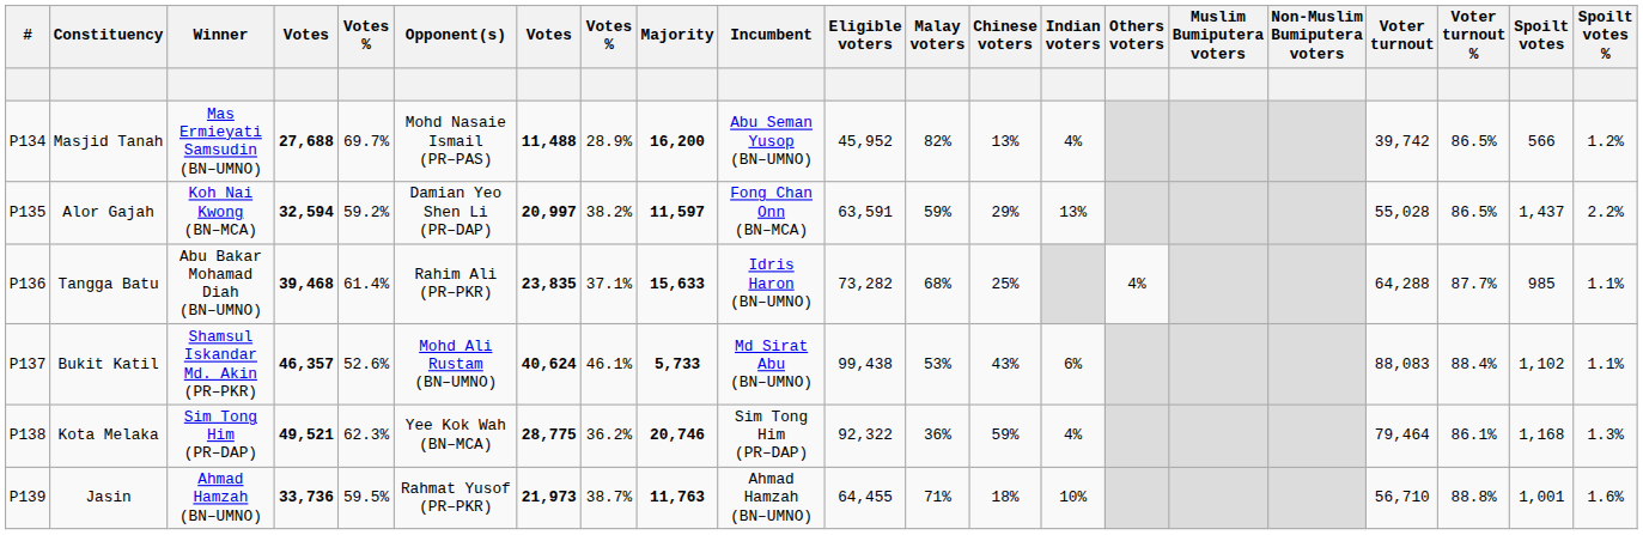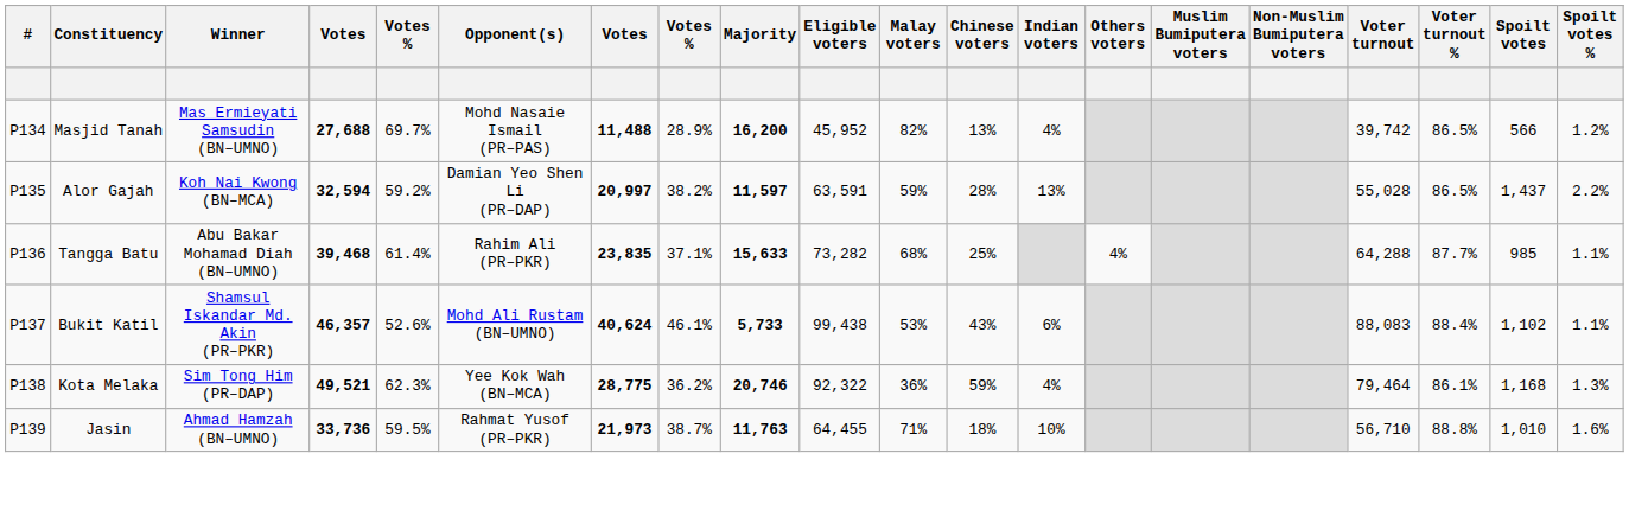 <table class="wikitable sortable" style="text-align:center; font-size:90%">
 <tr>
 <th width="30">#</th>
 <th width="60">Constituency</th>
 <th width="150">Winner</th>
 <th width="50">Votes</th>
 <th width="50">Votes %</th>
 <th width="150">Opponent(s)</th>
 <th width="50">Votes</th>
 <th width="50">Votes %</th>
 <th width="50">Majority</th>
-<th width="150">Incumbent</th>
 <th width="50">Eligible voters</th>
 <th width="50">Malay voters</th>
 <th width="50">Chinese voters</th>
 <th width="50">Indian voters</th>
 <th width="50">Others voters</th>
 <th width="50">Muslim Bumiputera voters</th>
 <th width="50">Non-Muslim Bumiputera voters</th>
 <th width="50">Voter turnout</th>
 <th width="50">Voter turnout %</th>
 <th width="50">Spoilt votes</th>
 <th width="50">Spoilt votes %</th>
 </tr>
 <tr>
 <th height="20"></th>
 <th></th>
 <th></th>
 <th></th>
 <th></th>
 <th></th>
 <th></th>
 <th></th>
 <th></th>
 <th></th>
 <th></th>
 <th></th>
 <th></th>
 <th></th>
 <th></th>
 <th></th>
 <th></th>
 <th></th>
 <th></th>
 <th></th>
-<th></th>
 </tr>
 <tr>
 <td>P134</td>
 <td>Masjid Tanah</td>
 <td><a href='#'>Mas Ermieyati Samsudin</a><br>(BN–UMNO)</td>
 <td><strong>27,688</strong></td>
 <td>69.7%</td>
 <td>Mohd Nasaie Ismail<br>(PR–PAS)</td>
 <td><strong>11,488</strong></td>
 <td>28.9%</td>
 <td><strong>16,200</strong></td>
-<td><a href='#'>Abu Seman Yusop</a><br>(BN–UMNO)</td>
 <td>45,952</td>
 <td>82%</td>
 <td>13%</td>
 <td>4%</td>
 <td bgcolor="dcdcdc"></td>
 <td bgcolor="dcdcdc"></td>
 <td bgcolor="dcdcdc"></td>
 <td>39,742</td>
 <td>86.5%</td>
 <td>566</td>
 <td>1.2%</td>
 </tr>
 <tr>
 <td>P135</td>
 <td>Alor Gajah</td>
 <td><a href='#'>Koh Nai Kwong</a><br>(BN–MCA)</td>
 <td><strong>32,594</strong></td>
 <td>59.2%</td>
 <td>Damian Yeo Shen Li<br>(PR–DAP)</td>
 <td><strong>20,997</strong></td>
 <td>38.2%</td>
 <td><strong>11,597</strong></td>
-<td><a href='#'>Fong Chan Onn</a><br>(BN–MCA)</td>
 <td>63,591</td>
 <td>59%</td>
-<td>29%</td>
+<td>28%</td>
 <td>13%</td>
 <td bgcolor="dcdcdc"></td>
 <td bgcolor="dcdcdc"></td>
 <td bgcolor="dcdcdc"></td>
 <td>55,028</td>
 <td>86.5%</td>
 <td>1,437</td>
 <td>2.2%</td>
 </tr>
 <tr>
 <td>P136</td>
 <td>Tangga Batu</td>
 <td>Abu Bakar Mohamad Diah<br>(BN–UMNO)</td>
 <td><strong>39,468</strong></td>
 <td>61.4%</td>
 <td>Rahim Ali<br>(PR–PKR)</td>
 <td><strong>23,835</strong></td>
 <td>37.1%</td>
 <td><strong>15,633</strong></td>
-<td><a href='#'>Idris Haron</a><br>(BN–UMNO)</td>
 <td>73,282</td>
 <td>68%</td>
 <td>25%</td>
 <td bgcolor="dcdcdc"></td>
 <td>4%</td>
 <td bgcolor="dcdcdc"></td>
 <td bgcolor="dcdcdc"></td>
 <td>64,288</td>
 <td>87.7%</td>
 <td>985</td>
 <td>1.1%</td>
 </tr>
 <tr>
 <td>P137</td>
 <td>Bukit Katil</td>
 <td><a href='#'>Shamsul Iskandar Md. Akin</a><br>(PR–PKR)</td>
 <td><strong>46,357</strong></td>
 <td>52.6%</td>
 <td><a href='#'>Mohd Ali Rustam</a><br>(BN–UMNO)</td>
 <td><strong>40,624</strong></td>
 <td>46.1%</td>
 <td><strong>5,733</strong></td>
-<td><a href='#'>Md Sirat Abu</a><br>(BN–UMNO)</td>
 <td>99,438</td>
 <td>53%</td>
 <td>43%</td>
 <td>6%</td>
 <td bgcolor="dcdcdc"></td>
 <td bgcolor="dcdcdc"></td>
 <td bgcolor="dcdcdc"></td>
 <td>88,083</td>
 <td>88.4%</td>
 <td>1,102</td>
 <td>1.1%</td>
 </tr>
 <tr>
 <td>P138</td>
 <td>Kota Melaka</td>
 <td><a href='#'>Sim Tong Him</a><br>(PR–DAP)</td>
 <td><strong>49,521</strong></td>
 <td>62.3%</td>
 <td>Yee Kok Wah<br>(BN–MCA)</td>
 <td><strong>28,775</strong></td>
 <td>36.2%</td>
 <td><strong>20,746</strong></td>
-<td>Sim Tong Him <br>(PR–DAP)</td>
 <td>92,322</td>
 <td>36%</td>
 <td>59%</td>
 <td>4%</td>
 <td bgcolor="dcdcdc"></td>
 <td bgcolor="dcdcdc"></td>
 <td bgcolor="dcdcdc"></td>
 <td>79,464</td>
 <td>86.1%</td>
 <td>1,168</td>
 <td>1.3%</td>
 </tr>
 <tr>
 <td>P139</td>
 <td>Jasin</td>
 <td><a href='#'>Ahmad Hamzah</a><br>(BN–UMNO)</td>
 <td><strong>33,736</strong></td>
 <td>59.5%</td>
 <td>Rahmat Yusof<br>(PR–PKR)</td>
 <td><strong>21,973</strong></td>
 <td>38.7%</td>
 <td><strong>11,763</strong></td>
-<td>Ahmad Hamzah<br>(BN–UMNO)</td>
 <td>64,455</td>
 <td>71%</td>
 <td>18%</td>
 <td>10%</td>
 <td bgcolor="dcdcdc"></td>
 <td bgcolor="dcdcdc"></td>
 <td bgcolor="dcdcdc"></td>
 <td>56,710</td>
 <td>88.8%</td>
-<td>1,001</td>
+<td>1,010</td>
 <td>1.6%</td>
 </tr>
 </table>
